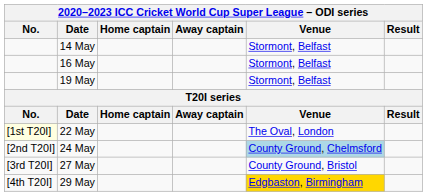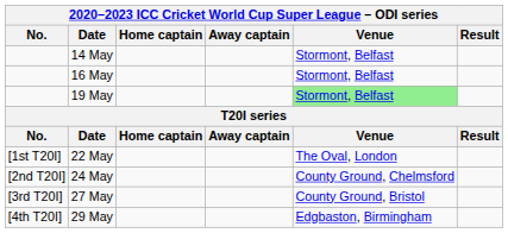 <table class="wikitable">
 <tr>
 <th colspan="9"><a href='#'>2020–2023 ICC Cricket World Cup Super League</a> – ODI series</th>
 </tr>
 <tr>
 <th>No.</th>
 <th>Date</th>
 <th>Home captain</th>
 <th>Away captain</th>
 <th>Venue</th>
 <th>Result</th>
 </tr>
 <tr>
 <td></td>
 <td>14 May</td>
 <td></td>
 <td></td>
 <td><a href='#'>Stormont</a>, <a href='#'>Belfast</a></td>
 <td></td>
 </tr>
 <tr>
 <td></td>
 <td>16 May</td>
 <td></td>
 <td></td>
 <td><a href='#'>Stormont</a>, <a href='#'>Belfast</a></td>
 <td></td>
 </tr>
 <tr>
 <td></td>
 <td>19 May</td>
 <td></td>
 <td></td>
-<td><a href='#'>Stormont</a>, <a href='#'>Belfast</a></td>
+<td style="background: lightgreen;"><a href='#'>Stormont</a>, <a href='#'>Belfast</a></td>
 <td></td>
 </tr>
 <tr>
 <th colspan="9">T20I series</th>
 </tr>
 <tr>
 <th>No.</th>
 <th>Date</th>
 <th>Home captain</th>
 <th>Away captain</th>
 <th>Venue</th>
 <th>Result</th>
 </tr>
 <tr>
-<td style="background: lightyellow;">[1st T20I]</td>
+<td>[1st T20I]</td>
 <td>22 May</td>
 <td></td>
 <td></td>
 <td><a href='#'>The Oval</a>, <a href='#'>London</a></td>
 <td></td>
 </tr>
 <tr>
 <td>[2nd T20I]</td>
 <td>24 May</td>
 <td></td>
 <td></td>
-<td style="background: lightblue;"><a href='#'>County Ground</a>, <a href='#'>Chelmsford</a></td>
+<td><a href='#'>County Ground</a>, <a href='#'>Chelmsford</a></td>
 <td></td>
 </tr>
 <tr>
 <td>[3rd T20I]</td>
 <td>27 May</td>
 <td></td>
 <td></td>
 <td><a href='#'>County Ground</a>, <a href='#'>Bristol</a></td>
 <td></td>
 </tr>
 <tr>
 <td>[4th T20I]</td>
 <td>29 May</td>
 <td></td>
 <td></td>
-<td style="background: gold;"><a href='#'>Edgbaston</a>, <a href='#'>Birmingham</a></td>
+<td><a href='#'>Edgbaston</a>, <a href='#'>Birmingham</a></td>
 <td></td>
 </tr>
 </table>
